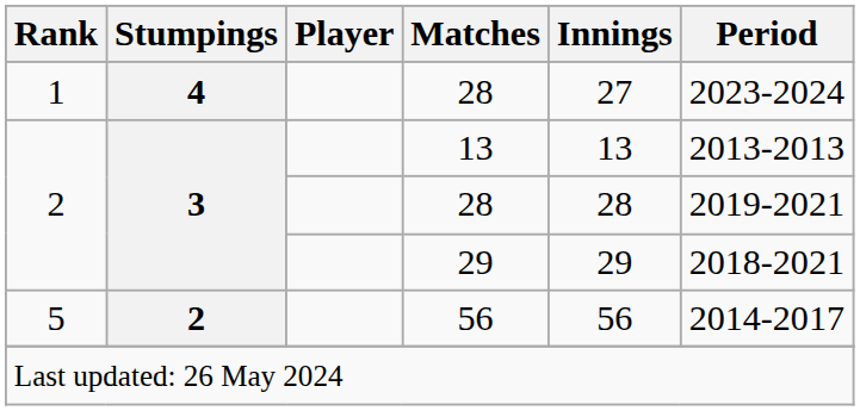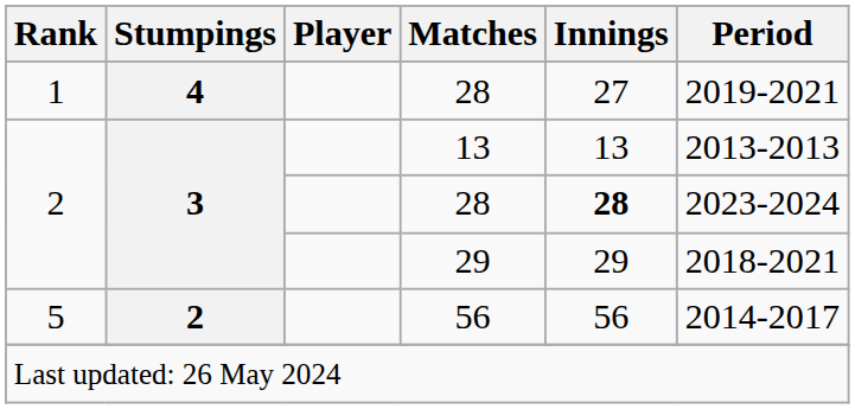 <table class="wikitable">
 <tr>
 <th style="text-align:center;">Rank</th>
 <th style="text-align:center;">Stumpings</th>
 <th style="text-align:center;">Player</th>
 <th style="text-align:center;">Matches</th>
 <th style="text-align:center;">Innings</th>
 <th style="text-align:center;">Period</th>
 </tr>
 <tr>
 <td align=center>1</td>
 <th scope=row style=text-align:center;>4</th>
 <td></td>
 <td align=center>28</td>
 <td align=center>27</td>
-<td>2023-2024</td>
+<td>2019-2021</td>
 </tr>
 <tr>
 <td align=center rowspan=3>2</td>
 <th scope=row style=text-align:center; rowspan=3>3</th>
 <td></td>
 <td align=center>13</td>
 <td align=center>13</td>
 <td>2013-2013</td>
 </tr>
 <tr>
 <td></td>
 <td align=center>28</td>
-<td align=center>28</td>
-<td>2019-2021</td>
+<td align=center><strong>28</strong></td>
+<td>2023-2024</td>
 </tr>
 <tr>
 <td></td>
 <td align=center>29</td>
 <td align=center>29</td>
 <td>2018-2021</td>
 </tr>
 <tr>
 <td align=center>5</td>
 <th scope=row style=text-align:center;>2</th>
 <td></td>
 <td align=center>56</td>
 <td align=center>56</td>
 <td>2014-2017</td>
 </tr>
 <tr>
 </tr>
 <tr class=sortbottom>
 <td colspan=6><small>Last updated: 26 May 2024</small></td>
 </tr>
 </table>
